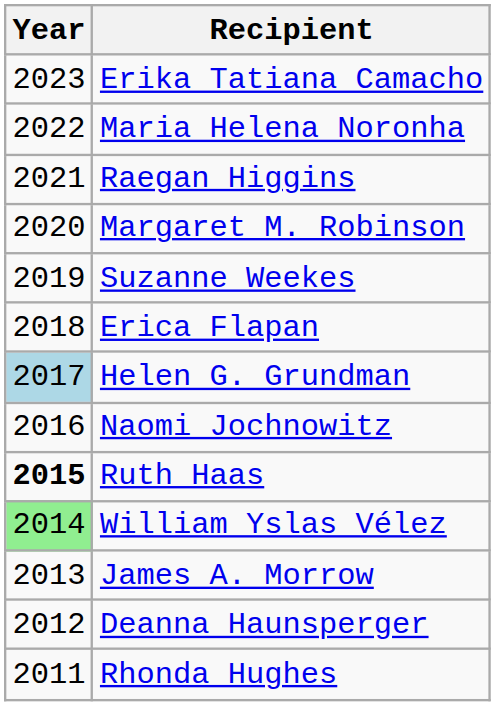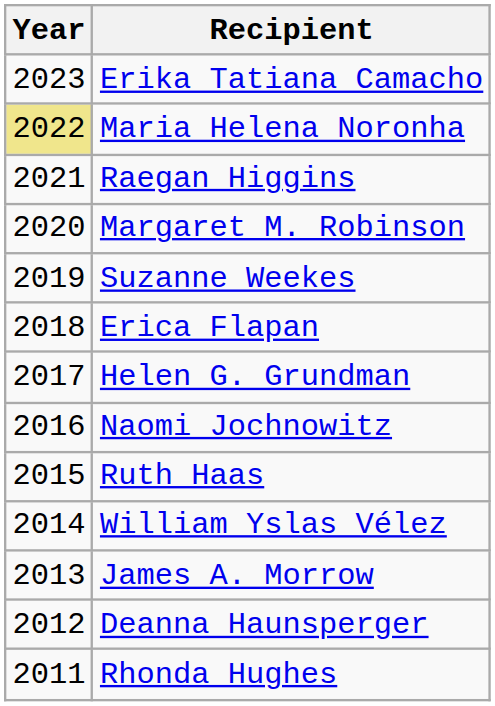 <table class="wikitable">
 <tr>
 <th>Year</th>
 <th>Recipient</th>
 </tr>
 <tr>
 <td>2023</td>
 <td><a href='#'>Erika Tatiana Camacho</a></td>
 </tr>
 <tr>
-<td>2022</td>
+<td style="background: khaki;">2022</td>
 <td><a href='#'>Maria Helena Noronha</a></td>
 </tr>
 <tr>
 <td>2021</td>
 <td><a href='#'>Raegan Higgins</a></td>
 </tr>
 <tr>
 <td>2020</td>
 <td><a href='#'>Margaret M. Robinson</a></td>
 </tr>
 <tr>
 <td>2019</td>
 <td><a href='#'>Suzanne Weekes</a></td>
 </tr>
 <tr>
 <td>2018</td>
 <td><a href='#'>Erica Flapan</a></td>
 </tr>
 <tr>
-<td style="background: lightblue;">2017</td>
+<td>2017</td>
 <td><a href='#'>Helen G. Grundman</a></td>
 </tr>
 <tr>
 <td>2016</td>
 <td><a href='#'>Naomi Jochnowitz</a></td>
 </tr>
 <tr>
-<td><strong>2015</strong></td>
+<td>2015</td>
 <td><a href='#'>Ruth Haas</a></td>
 </tr>
 <tr>
-<td style="background: lightgreen;">2014</td>
+<td>2014</td>
 <td><a href='#'>William Yslas Vélez</a></td>
 </tr>
 <tr>
 <td>2013</td>
 <td><a href='#'>James A. Morrow</a></td>
 </tr>
 <tr>
 <td>2012</td>
 <td><a href='#'>Deanna Haunsperger</a></td>
 </tr>
 <tr>
 <td>2011</td>
 <td><a href='#'>Rhonda Hughes</a></td>
 </tr>
 </table>
